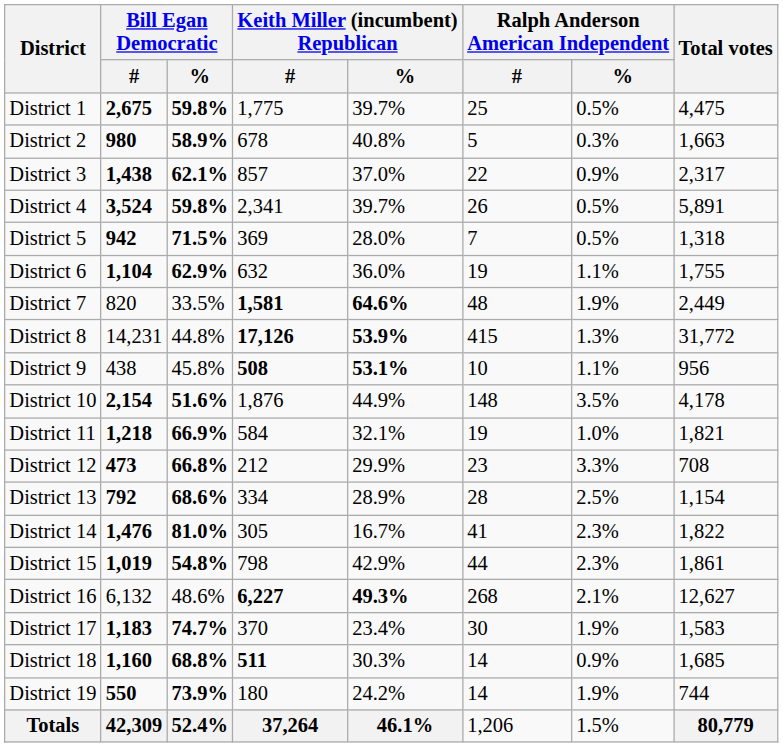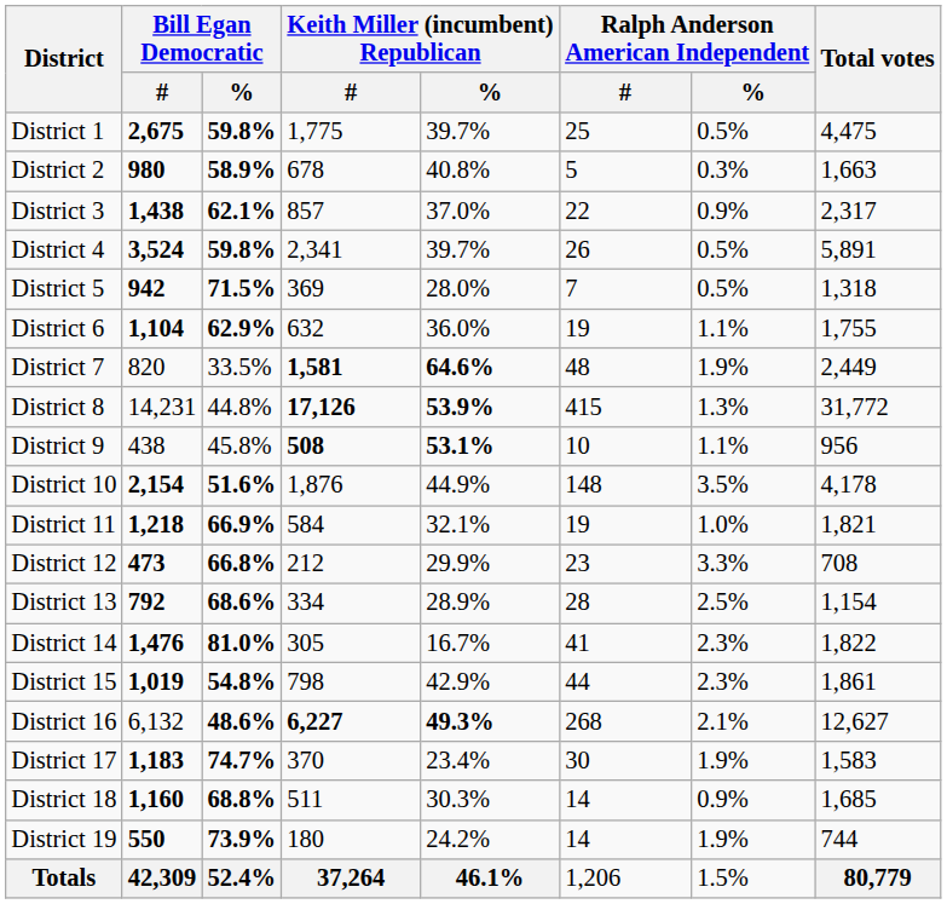 <table class="wikitable sortable">
 <tr>
 <th rowspan="2" scope="col">District</th>
 <th colspan="2" scope="col"><a href='#'>Bill Egan</a><br><a href='#'>Democratic</a></th>
 <th colspan="2" scope="col"><a href='#'>Keith Miller</a> (incumbent)<br><a href='#'>Republican</a></th>
 <th colspan="2" scope="col">Ralph Anderson<br><a href='#'>American Independent</a></th>
 <th rowspan="2" scope="col">Total votes</th>
 </tr>
 <tr>
 <th>#</th>
 <th>%</th>
 <th>#</th>
 <th>%</th>
 <th>#</th>
 <th>%</th>
 </tr>
 <tr>
 <td>District 1</td>
 <td><strong>2,675</strong></td>
 <td><strong>59.8%</strong></td>
 <td>1,775</td>
 <td>39.7%</td>
 <td>25</td>
 <td>0.5%</td>
 <td>4,475</td>
 </tr>
 <tr>
 <td>District 2</td>
 <td><strong>980</strong></td>
 <td><strong>58.9%</strong></td>
 <td>678</td>
 <td>40.8%</td>
 <td>5</td>
 <td>0.3%</td>
 <td>1,663</td>
 </tr>
 <tr>
 <td>District 3</td>
 <td><strong>1,438</strong></td>
 <td><strong>62.1%</strong></td>
 <td>857</td>
 <td>37.0%</td>
 <td>22</td>
 <td>0.9%</td>
 <td>2,317</td>
 </tr>
 <tr>
 <td>District 4</td>
 <td><strong>3,524</strong></td>
 <td><strong>59.8%</strong></td>
 <td>2,341</td>
 <td>39.7%</td>
 <td>26</td>
 <td>0.5%</td>
 <td>5,891</td>
 </tr>
 <tr>
 <td>District 5</td>
 <td><strong>942</strong></td>
 <td><strong>71.5%</strong></td>
 <td>369</td>
 <td>28.0%</td>
 <td>7</td>
 <td>0.5%</td>
 <td>1,318</td>
 </tr>
 <tr>
 <td>District 6</td>
 <td><strong>1,104</strong></td>
 <td><strong>62.9%</strong></td>
 <td>632</td>
 <td>36.0%</td>
 <td>19</td>
 <td>1.1%</td>
 <td>1,755</td>
 </tr>
 <tr>
 <td>District 7</td>
 <td>820</td>
 <td>33.5%</td>
 <td><strong>1,581</strong></td>
 <td><strong>64.6%</strong></td>
 <td>48</td>
 <td>1.9%</td>
 <td>2,449</td>
 </tr>
 <tr>
 <td>District 8</td>
 <td>14,231</td>
 <td>44.8%</td>
 <td><strong>17,126</strong></td>
 <td><strong>53.9%</strong></td>
 <td>415</td>
 <td>1.3%</td>
 <td>31,772</td>
 </tr>
 <tr>
 <td>District 9</td>
 <td>438</td>
 <td>45.8%</td>
 <td><strong>508</strong></td>
 <td><strong>53.1%</strong></td>
 <td>10</td>
 <td>1.1%</td>
 <td>956</td>
 </tr>
 <tr>
 <td>District 10</td>
 <td><strong>2,154</strong></td>
 <td><strong>51.6%</strong></td>
 <td>1,876</td>
 <td>44.9%</td>
 <td>148</td>
 <td>3.5%</td>
 <td>4,178</td>
 </tr>
 <tr>
 <td>District 11</td>
 <td><strong>1,218</strong></td>
 <td><strong>66.9%</strong></td>
 <td>584</td>
 <td>32.1%</td>
 <td>19</td>
 <td>1.0%</td>
 <td>1,821</td>
 </tr>
 <tr>
 <td>District 12</td>
 <td><strong>473</strong></td>
 <td><strong>66.8%</strong></td>
 <td>212</td>
 <td>29.9%</td>
 <td>23</td>
 <td>3.3%</td>
 <td>708</td>
 </tr>
 <tr>
 <td>District 13</td>
 <td><strong>792</strong></td>
 <td><strong>68.6%</strong></td>
 <td>334</td>
 <td>28.9%</td>
 <td>28</td>
 <td>2.5%</td>
 <td>1,154</td>
 </tr>
 <tr>
 <td>District 14</td>
 <td><strong>1,476</strong></td>
 <td><strong>81.0%</strong></td>
 <td>305</td>
 <td>16.7%</td>
 <td>41</td>
 <td>2.3%</td>
 <td>1,822</td>
 </tr>
 <tr>
 <td>District 15</td>
 <td><strong>1,019</strong></td>
 <td><strong>54.8%</strong></td>
 <td>798</td>
 <td>42.9%</td>
 <td>44</td>
 <td>2.3%</td>
 <td>1,861</td>
 </tr>
 <tr>
 <td>District 16</td>
 <td>6,132</td>
-<td>48.6%</td>
+<td><strong>48.6%</strong></td>
 <td><strong>6,227</strong></td>
 <td><strong>49.3%</strong></td>
 <td>268</td>
 <td>2.1%</td>
 <td>12,627</td>
 </tr>
 <tr>
 <td>District 17</td>
 <td><strong>1,183</strong></td>
 <td><strong>74.7%</strong></td>
 <td>370</td>
 <td>23.4%</td>
 <td>30</td>
 <td>1.9%</td>
 <td>1,583</td>
 </tr>
 <tr>
 <td>District 18</td>
 <td><strong>1,160</strong></td>
 <td><strong>68.8%</strong></td>
-<td><strong>511</strong></td>
+<td>511</td>
 <td>30.3%</td>
 <td>14</td>
 <td>0.9%</td>
 <td>1,685</td>
 </tr>
 <tr>
 <td>District 19</td>
 <td><strong>550</strong></td>
 <td><strong>73.9%</strong></td>
 <td>180</td>
 <td>24.2%</td>
 <td>14</td>
 <td>1.9%</td>
 <td>744</td>
 </tr>
 <tr>
 <th>Totals</th>
 <th>42,309</th>
 <th>52.4%</th>
 <th>37,264</th>
 <th>46.1%</th>
 <td>1,206</td>
 <td>1.5%</td>
 <th>80,779</th>
 </tr>
 </table>
